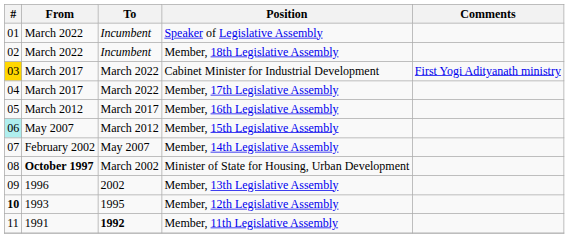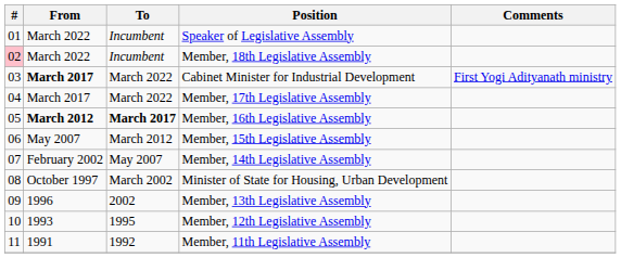 <table class="wikitable  sortable">
 <tr>
 <th>#</th>
 <th>From</th>
 <th>To</th>
 <th>Position</th>
 <th>Comments</th>
 </tr>
 <tr>
 <td>01</td>
 <td>March 2022</td>
 <td><em>Incumbent</em></td>
 <td><a href='#'>Speaker</a> of <a href='#'>Legislative Assembly</a></td>
 <td></td>
 </tr>
 <tr>
-<td>02</td>
+<td style="background: pink;">02</td>
 <td>March 2022</td>
 <td><em>Incumbent</em></td>
 <td>Member, <a href='#'>18th Legislative Assembly</a></td>
 <td></td>
 </tr>
 <tr>
-<td style="background: gold;">03</td>
-<td>March 2017</td>
+<td>03</td>
+<td><strong>March 2017</strong></td>
 <td>March 2022</td>
 <td>Cabinet Minister for Industrial Development</td>
 <td><a href='#'>First Yogi Adityanath ministry</a></td>
 </tr>
 <tr>
 <td>04</td>
 <td>March 2017</td>
 <td>March 2022</td>
 <td>Member, <a href='#'>17th Legislative Assembly</a></td>
 <td></td>
 </tr>
 <tr>
 <td>05</td>
-<td>March 2012</td>
-<td>March 2017</td>
+<td><strong>March 2012</strong></td>
+<td><strong>March 2017</strong></td>
 <td>Member, <a href='#'>16th Legislative Assembly</a></td>
 <td></td>
 </tr>
 <tr>
-<td style="background: paleturquoise;">06</td>
+<td>06</td>
 <td>May 2007</td>
 <td>March 2012</td>
 <td>Member, <a href='#'>15th Legislative  Assembly</a></td>
 <td></td>
 </tr>
 <tr>
 <td>07</td>
 <td>February 2002</td>
 <td>May 2007</td>
 <td>Member, <a href='#'>14th Legislative  Assembly</a></td>
 <td></td>
 </tr>
 <tr>
 <td>08</td>
-<td><strong>October 1997</strong></td>
+<td>October 1997</td>
 <td>March 2002</td>
 <td>Minister of State for Housing, Urban Development</td>
 <td></td>
 </tr>
 <tr>
 <td>09</td>
 <td>1996</td>
 <td>2002</td>
 <td>Member, <a href='#'>13th Legislative  Assembly</a></td>
 <td></td>
 </tr>
 <tr>
-<td><strong>10</strong></td>
+<td>10</td>
 <td>1993</td>
 <td>1995</td>
 <td>Member, <a href='#'>12th Legislative  Assembly</a></td>
 <td></td>
 </tr>
 <tr>
 <td>11</td>
 <td>1991</td>
-<td><strong>1992</strong></td>
+<td>1992</td>
 <td>Member, <a href='#'>11th Legislative  Assembly</a></td>
 <td></td>
 </tr>
 <tr>
 </tr>
 </table>
